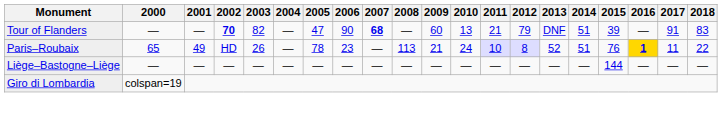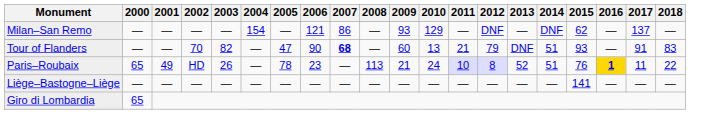 <table class="wikitable">
 <tr>
 <th>Monument</th>
 <th scope="col">2000</th>
 <th scope="col">2001</th>
 <th scope="col">2002</th>
 <th scope="col">2003</th>
 <th scope="col">2004</th>
 <th scope="col">2005</th>
 <th scope="col">2006</th>
 <th scope="col">2007</th>
 <th scope="col">2008</th>
 <th scope="col">2009</th>
 <th scope="col">2010</th>
 <th scope="col">2011</th>
 <th scope="col">2012</th>
 <th scope="col">2013</th>
 <th scope="col">2014</th>
 <th scope="col">2015</th>
 <th scope="col">2016</th>
 <th scope="col">2017</th>
 <th scope="col">2018</th>
 </tr>
 <tr style="text-align:center;">
+<td style="text-align:left; background:#efefef;"><a href='#'>Milan–San Remo</a></td>
+<td>—</td>
+<td>—</td>
+<td>—</td>
+<td>—</td>
+<td style="text-align:center;"><a href='#'>154</a></td>
+<td>—</td>
+<td style="text-align:center;"><a href='#'>121</a></td>
+<td style="text-align:center;"><a href='#'>86</a></td>
+<td>—</td>
+<td style="text-align:center;"><a href='#'>93</a></td>
+<td style="text-align:center;"><a href='#'>129</a></td>
+<td>—</td>
+<td style="text-align:center;"><a href='#'>DNF</a></td>
+<td>—</td>
+<td style="text-align:center;"><a href='#'>DNF</a></td>
+<td style="text-align:center;"><a href='#'>62</a></td>
+<td>—</td>
+<td style="text-align:center;"><a href='#'>137</a></td>
+<td>—</td>
+</tr>
+<tr style="text-align:center;">
 <td style="text-align:left; background:#efefef;"><a href='#'>Tour of Flanders</a></td>
 <td>—</td>
 <td>—</td>
-<td style="text-align:center;"><strong><a href='#'>70</a></strong></td>
+<td style="text-align:center;"><a href='#'>70</a></td>
 <td style="text-align:center;"><a href='#'>82</a></td>
 <td>—</td>
 <td style="text-align:center;"><a href='#'>47</a></td>
 <td style="text-align:center;"><a href='#'>90</a></td>
 <td style="text-align:center;"><strong><a href='#'>68</a></strong></td>
 <td>—</td>
 <td style="text-align:center;"><a href='#'>60</a></td>
 <td style="text-align:center;"><a href='#'>13</a></td>
 <td style="text-align:center;"><a href='#'>21</a></td>
 <td style="text-align:center;"><a href='#'>79</a></td>
 <td style="text-align:center;"><a href='#'>DNF</a></td>
 <td style="text-align:center;"><a href='#'>51</a></td>
-<td style="text-align:center;"><a href='#'>39</a></td>
+<td style="text-align:center;"><a href='#'>93</a></td>
 <td>—</td>
 <td style="text-align:center;"><a href='#'>91</a></td>
 <td style="text-align:center;"><a href='#'>83</a></td>
 </tr>
 <tr style="text-align:center;">
 <td style="text-align:left; background:#efefef;"><a href='#'>Paris–Roubaix</a></td>
 <td style="text-align:center;"><a href='#'>65</a></td>
 <td style="text-align:center;"><a href='#'>49</a></td>
 <td style="text-align:center;"><a href='#'>HD</a></td>
 <td style="text-align:center;"><a href='#'>26</a></td>
 <td>—</td>
 <td style="text-align:center;"><a href='#'>78</a></td>
 <td style="text-align:center;"><a href='#'>23</a></td>
 <td>—</td>
 <td style="text-align:center;"><a href='#'>113</a></td>
 <td style="text-align:center;"><a href='#'>21</a></td>
 <td style="text-align:center;"><a href='#'>24</a></td>
 <td style="background:#ddf;"><a href='#'>10</a></td>
 <td style="background:#ddf;"><a href='#'>8</a></td>
 <td style="text-align:center;"><a href='#'>52</a></td>
 <td style="text-align:center;"><a href='#'>51</a></td>
 <td style="text-align:center;"><a href='#'>76</a></td>
 <td style="text-align:center; background:gold;"><strong><a href='#'>1</a></strong></td>
 <td style="text-align:center;"><a href='#'>11</a></td>
 <td style="text-align:center;"><a href='#'>22</a></td>
 </tr>
 <tr style="text-align:center;">
 <td style="text-align:left; background:#efefef;"><a href='#'>Liège–Bastogne–Liège</a></td>
 <td>—</td>
 <td>—</td>
 <td>—</td>
 <td>—</td>
 <td>—</td>
 <td>—</td>
 <td>—</td>
 <td>—</td>
 <td>—</td>
 <td>—</td>
 <td>—</td>
 <td>—</td>
 <td>—</td>
 <td>—</td>
 <td>—</td>
-<td style="text-align:center;"><a href='#'>144</a></td>
+<td style="text-align:center;"><a href='#'>141</a></td>
 <td>—</td>
 <td>—</td>
 <td>—</td>
 </tr>
 <tr style="text-align:center;">
 <td style="text-align:left; background:#efefef;"><a href='#'>Giro di Lombardia</a></td>
-<td>colspan=19 </td>
+<td style="text-align:center;"><a href='#'>65</a></td>
 </tr>
 </table>
